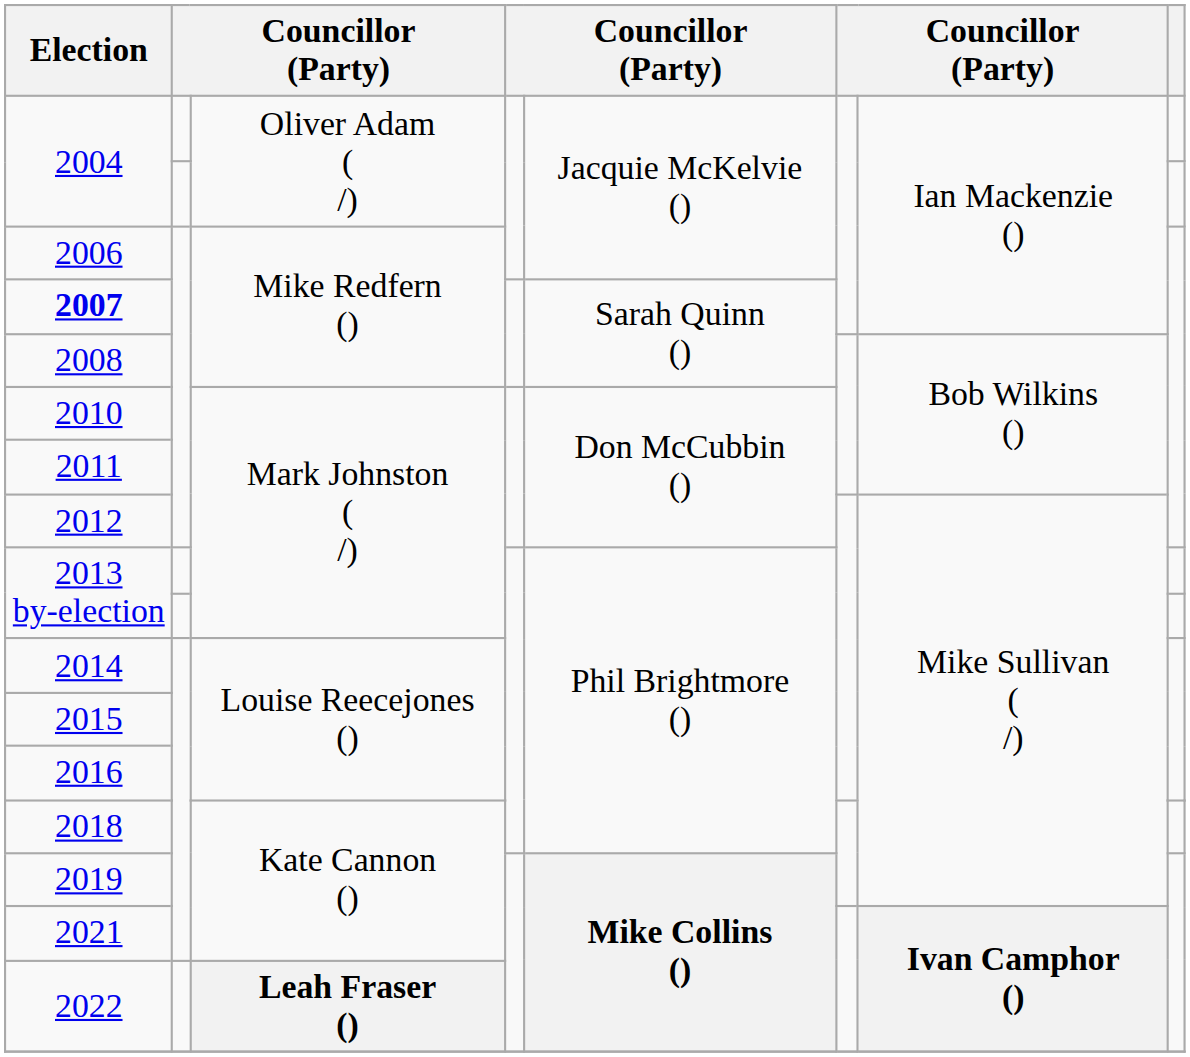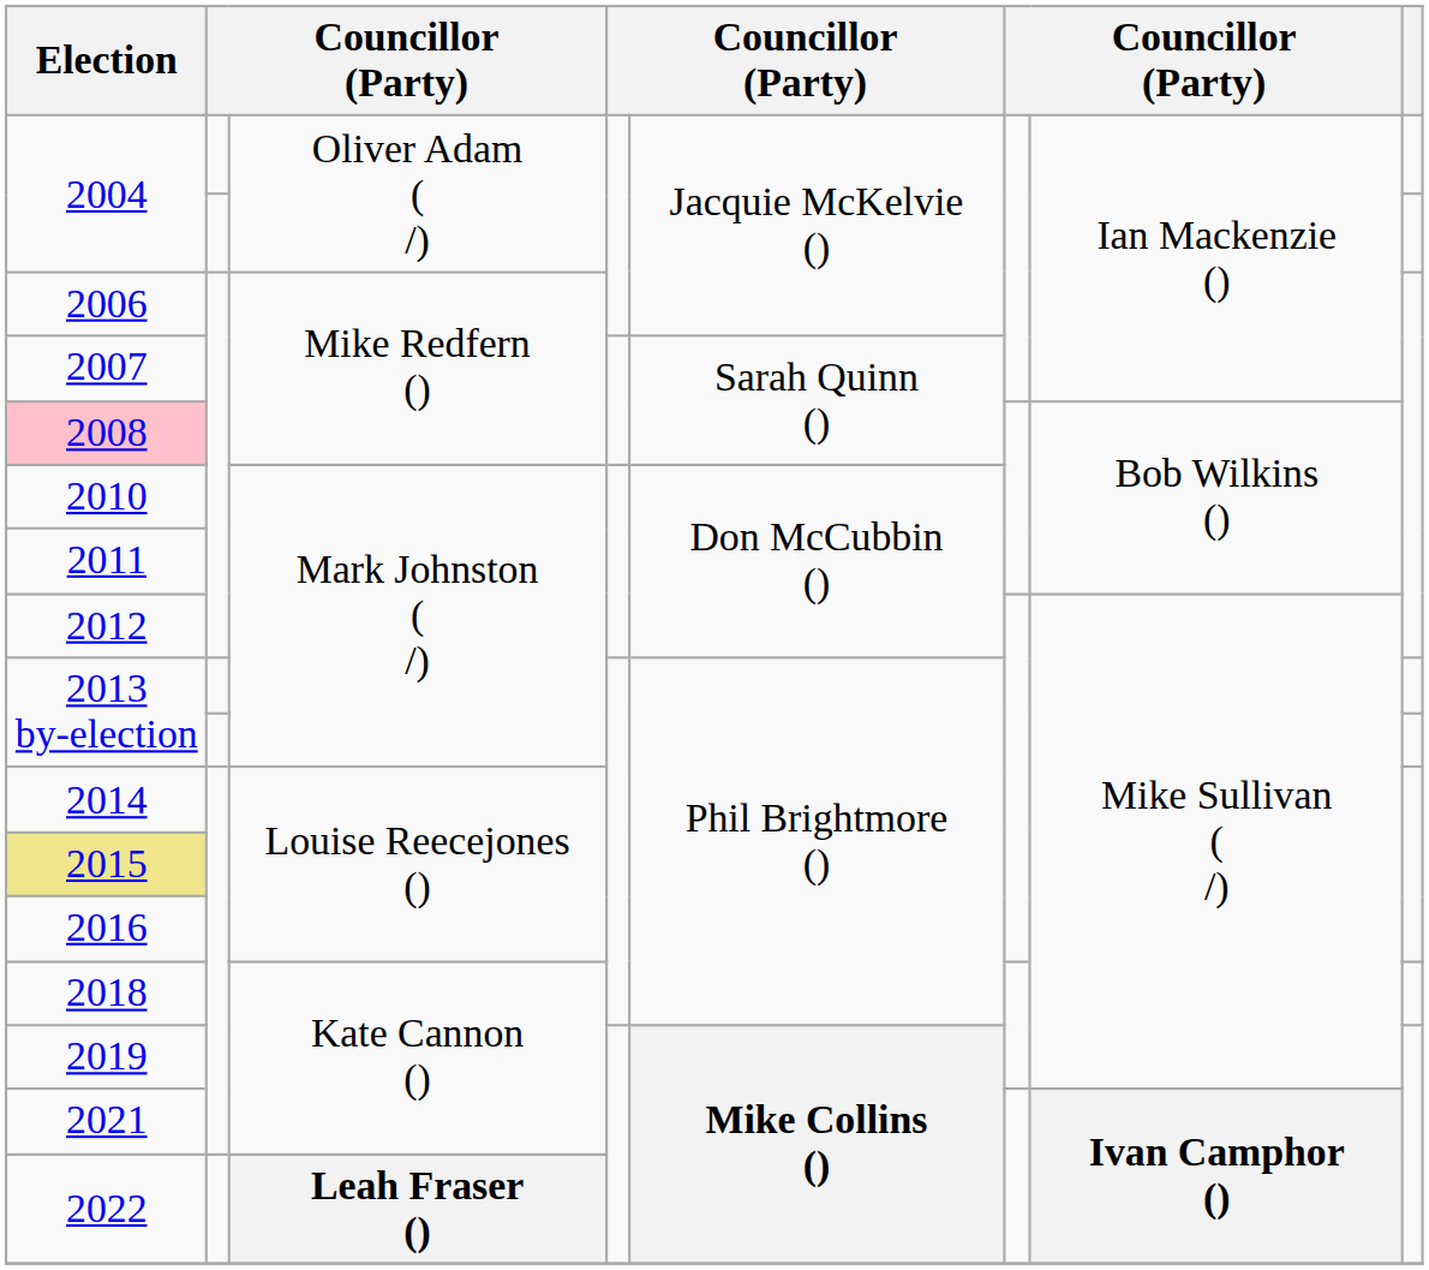 <table class="wikitable" style="text-align:center">
 <tr>
 <th>Election</th>
 <th scope="col" width="150" colspan = "2">Councillor<br> (Party)</th>
 <th scope="col" width="150" colspan = "2">Councillor<br> (Party)</th>
 <th scope="col" width="150" colspan = "2">Councillor<br> (Party)</th>
 <th></th>
 </tr>
 <tr>
 <td rowspan=2><a href='#'>2004</a></td>
 <td style="background-color: "></td>
 <td rowspan=2>Oliver Adam<br>(<a href='#'></a><br>/<a href='#'></a>)</td>
 <td rowspan=3 style="background-color: "></td>
 <td rowspan=3>Jacquie McKelvie<br>(<a href='#'></a>)</td>
 <td rowspan=4 style="background-color: "></td>
 <td rowspan=4>Ian Mackenzie<br>(<a href='#'></a>)</td>
 <td></td>
 </tr>
 <tr>
 <td style="background-color: "></td>
 <td></td>
 </tr>
 <tr>
 <td><a href='#'>2006</a></td>
 <td rowspan=6 style="background-color: "></td>
 <td rowspan=3>Mike Redfern<br>(<a href='#'></a>)</td>
 <td align=center rowspan=6></td>
 </tr>
 <tr>
-<td><strong><a href='#'>2007</a></strong></td>
+<td><a href='#'>2007</a></td>
 <td rowspan=2 style="background-color: "></td>
 <td rowspan=2>Sarah Quinn<br>(<a href='#'></a>)</td>
 </tr>
 <tr>
-<td><a href='#'>2008</a></td>
+<td style="background: pink;"><a href='#'>2008</a></td>
 <td rowspan=3 style="background-color: "></td>
 <td rowspan=3>Bob Wilkins<br>(<a href='#'></a>)</td>
 </tr>
 <tr>
 <td><a href='#'>2010</a></td>
 <td rowspan=5>Mark Johnston<br>(<a href='#'></a><br>/<a href='#'></a>)</td>
 <td rowspan=3 style="background-color: "></td>
 <td rowspan=3>Don McCubbin<br>(<a href='#'></a>)</td>
 </tr>
 <tr>
 <td><a href='#'>2011</a></td>
 </tr>
 <tr>
 <td><a href='#'>2012</a></td>
 <td rowspan=7 style="background-color: "></td>
 <td rowspan=9>Mike Sullivan<br>(<a href='#'></a><br>/<a href='#'></a>)</td>
 </tr>
 <tr>
 <td rowspan=2><a href='#'>2013<br>by-election</a></td>
 <td style="background-color: "></td>
 <td rowspan=7 style="background-color: "></td>
 <td rowspan=7>Phil Brightmore<br>(<a href='#'></a>)</td>
 <td align=center></td>
 </tr>
 <tr>
 <td style="background-color: "></td>
 <td align=center></td>
 </tr>
 <tr>
 <td><a href='#'>2014</a></td>
 <td rowspan=7 style="background-color: "></td>
 <td rowspan=3>Louise Reecejones<br>(<a href='#'></a>)</td>
 <td rowspan=3></td>
 </tr>
 <tr>
-<td><a href='#'>2015</a></td>
+<td style="background: khaki;"><a href='#'>2015</a></td>
 </tr>
 <tr>
 <td><a href='#'>2016</a></td>
 </tr>
 <tr>
 <td rowspan=2><a href='#'>2018</a></td>
 <td rowspan=4>Kate Cannon<br>(<a href='#'></a>)</td>
 <td rowspan=2></td>
 </tr>
 <tr>
 <td rowspan=2 style="background-color: "></td>
 </tr>
 <tr>
 <td><a href='#'>2019</a></td>
 <td rowspan=3 style="background-color: "></td>
 <th rowspan=3>Mike Collins<br>(<a href='#'></a>)</th>
 <td rowspan=3 align=center></td>
 </tr>
 <tr>
 <td><a href='#'>2021</a></td>
 <td rowspan=2 style="background-color: "></td>
 <th rowspan=2>Ivan Camphor<br>(<a href='#'></a>)</th>
 </tr>
 <tr>
 <td><a href='#'>2022</a></td>
 <td rowspan=1 style="background-color: "></td>
 <th rowspan=1>Leah Fraser<br>(<a href='#'></a>)</th>
 </tr>
 <tr>
 </tr>
 </table>
